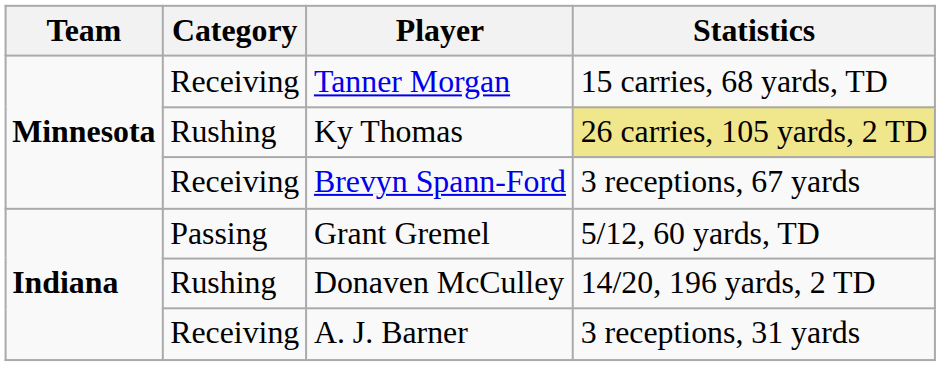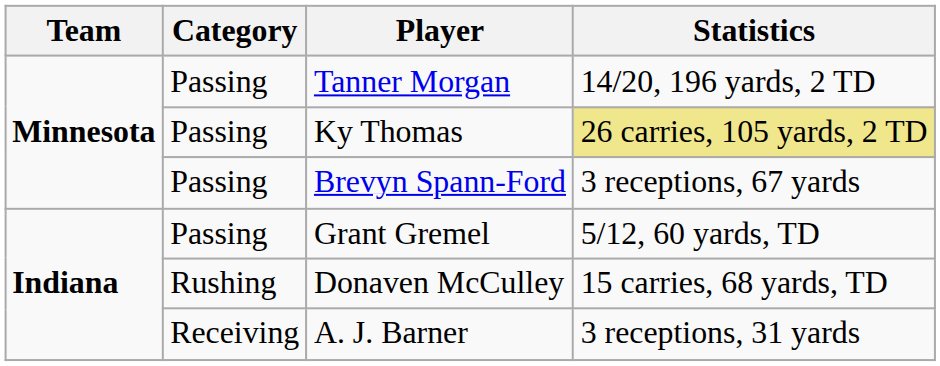 <table class="wikitable" style="float: right;">
 <tr>
 <th>Team</th>
 <th>Category</th>
 <th>Player</th>
 <th>Statistics</th>
 </tr>
 <tr>
 <td rowspan=3><strong>Minnesota</strong></td>
-<td>Receiving</td>
+<td>Passing</td>
 <td><a href='#'>Tanner Morgan</a></td>
-<td>15 carries, 68 yards, TD</td>
+<td>14/20, 196 yards, 2 TD</td>
 </tr>
 <tr>
-<td>Rushing</td>
+<td>Passing</td>
 <td>Ky Thomas</td>
 <td style="background: khaki;">26 carries, 105 yards, 2 TD</td>
 </tr>
 <tr>
-<td>Receiving</td>
+<td>Passing</td>
 <td><a href='#'>Brevyn Spann-Ford</a></td>
 <td>3 receptions, 67 yards</td>
 </tr>
 <tr>
 <td rowspan=3><strong>Indiana</strong></td>
 <td>Passing</td>
 <td>Grant Gremel</td>
 <td>5/12, 60 yards, TD</td>
 </tr>
 <tr>
 <td>Rushing</td>
 <td>Donaven McCulley</td>
-<td>14/20, 196 yards, 2 TD</td>
+<td>15 carries, 68 yards, TD</td>
 </tr>
 <tr>
 <td>Receiving</td>
 <td>A. J. Barner</td>
 <td>3 receptions, 31 yards</td>
 </tr>
 </table>
